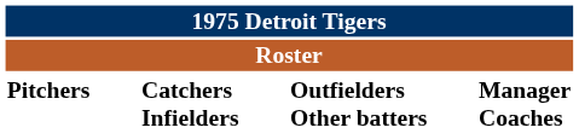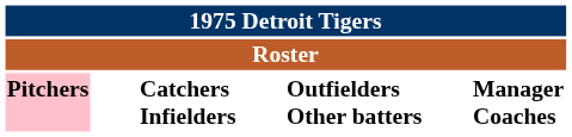 <table class="toccolours" style="font-size: 95%;">
 <tr>
 <th colspan="10" style="background-color: #003366; color: white; text-align: center;">1975 Detroit Tigers</th>
 </tr>
 <tr>
 <td colspan="10" style="background-color: #bd5d29; color: white; text-align: center;"><strong>Roster</strong></td>
 </tr>
 <tr>
-<td valign="top"><strong>Pitchers</strong><br>              </td>
+<td valign="top" style="background: pink;"><strong>Pitchers</strong><br>              </td>
 <td width="25px"></td>
 <td valign="top"><strong>Catchers</strong><br>    <strong>Infielders</strong>         </td>
 <td width="25px"></td>
 <td valign="top"><strong>Outfielders</strong><br>        <strong>Other batters</strong>  </td>
 <td width="25px"></td>
 <td valign="top"><strong>Manager</strong><br> <strong>Coaches</strong>        </td>
 </tr>
 <tr>
 </tr>
 </table>
